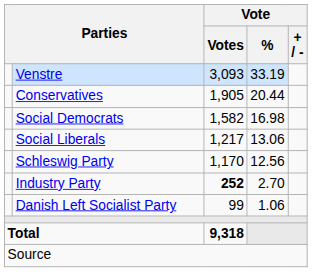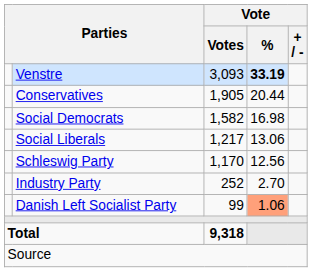 <table class="wikitable" style="text-align:right;">
 <tr>
 <th style="text-align:centre;" rowspan="2" colspan="2" width="225">Parties</th>
 <th colspan="3">Vote</th>
 </tr>
 <tr>
 <th width="15">Votes</th>
 <th width="15">%</th>
 <th width="15">+ / -</th>
 </tr>
 <tr>
 <td width="2" style="color:inherit;background:"></td>
 <td bgcolor=#cfe5fe  align="left"><a href='#'>Venstre</a></td>
 <td bgcolor=#cfe5fe>3,093</td>
-<td bgcolor=#cfe5fe>33.19</td>
+<td bgcolor=#cfe5fe><strong>33.19</strong></td>
 <td></td>
 </tr>
 <tr>
 <td width="2" style="color:inherit;background:"></td>
 <td align="left"><a href='#'>Conservatives</a></td>
 <td>1,905</td>
 <td>20.44</td>
 <td></td>
 </tr>
 <tr>
 <td width="2" style="color:inherit;background:"></td>
 <td align="left"><a href='#'>Social Democrats</a></td>
 <td>1,582</td>
 <td>16.98</td>
 <td></td>
 </tr>
 <tr>
 <td width="2" style="color:inherit;background:"></td>
 <td align="left"><a href='#'>Social Liberals</a></td>
 <td>1,217</td>
 <td>13.06</td>
 <td></td>
 </tr>
 <tr>
 <td width="2" style="color:inherit;background:"></td>
 <td align="left"><a href='#'>Schleswig Party</a></td>
 <td>1,170</td>
 <td>12.56</td>
 <td></td>
 </tr>
 <tr>
 <td width="2" style="color:inherit;background:"></td>
 <td align="left"><a href='#'>Industry Party</a></td>
-<td><strong>252</strong></td>
+<td>252</td>
 <td>2.70</td>
 <td></td>
 </tr>
 <tr>
 <td width="2" style="color:inherit;background:"></td>
 <td align="left"><a href='#'>Danish Left Socialist Party</a></td>
 <td>99</td>
-<td>1.06</td>
+<td style="background: lightsalmon;">1.06</td>
 <td></td>
 </tr>
 <tr>
 <td colspan="7" bgcolor="#E9E9E9"></td>
 </tr>
 <tr>
 <td align="left" colspan="2"><strong>Total</strong></td>
 <td><strong>9,318</strong></td>
 <td bgcolor="#E9E9E9" colspan="2"></td>
 </tr>
 <tr>
 <td align="left" colspan="6">Source</td>
 </tr>
 </table>
